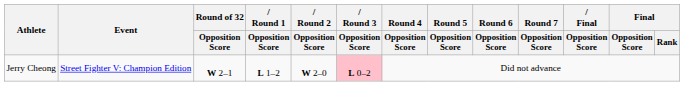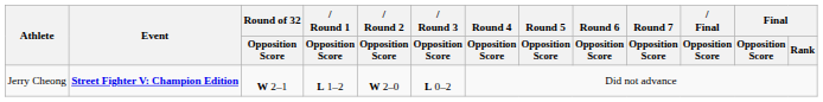 <table class="wikitable" style="font-size:90%;text-align:center">
 <tr>
 <th rowspan="2">Athlete</th>
 <th rowspan="2">Event</th>
 <th>Round of 32</th>
 <th> / <br>Round 1</th>
 <th> / <br>Round 2</th>
 <th> / <br>Round 3</th>
 <th><br>Round 4</th>
 <th><br>Round 5</th>
 <th><br>Round 6</th>
 <th><br>Round 7</th>
 <th> / <br>Final</th>
 <th colspan="2">Final</th>
 </tr>
 <tr style=font-size:95%>
 <th>Opposition<br>Score</th>
 <th>Opposition<br>Score</th>
 <th>Opposition<br>Score</th>
 <th>Opposition<br>Score</th>
 <th>Opposition<br>Score</th>
 <th>Opposition<br>Score</th>
 <th>Opposition<br>Score</th>
 <th>Opposition<br>Score</th>
 <th>Opposition<br>Score</th>
 <th>Opposition<br>Score</th>
 <th>Rank</th>
 </tr>
 <tr>
 <td align="left">Jerry Cheong</td>
-<td align="left"><a href='#'>Street Fighter V: Champion Edition</a></td>
+<td align="left"><strong><a href='#'>Street Fighter V: Champion Edition</a></strong></td>
 <td><br><strong>W</strong> 2–1</td>
 <td><br><strong>L</strong> 1–2</td>
 <td><br><strong>W</strong> 2–0</td>
-<td style="background: pink;"><br><strong>L</strong> 0–2</td>
+<td><br><strong>L</strong> 0–2</td>
 <td colspan="7">Did not advance</td>
 </tr>
 </table>
